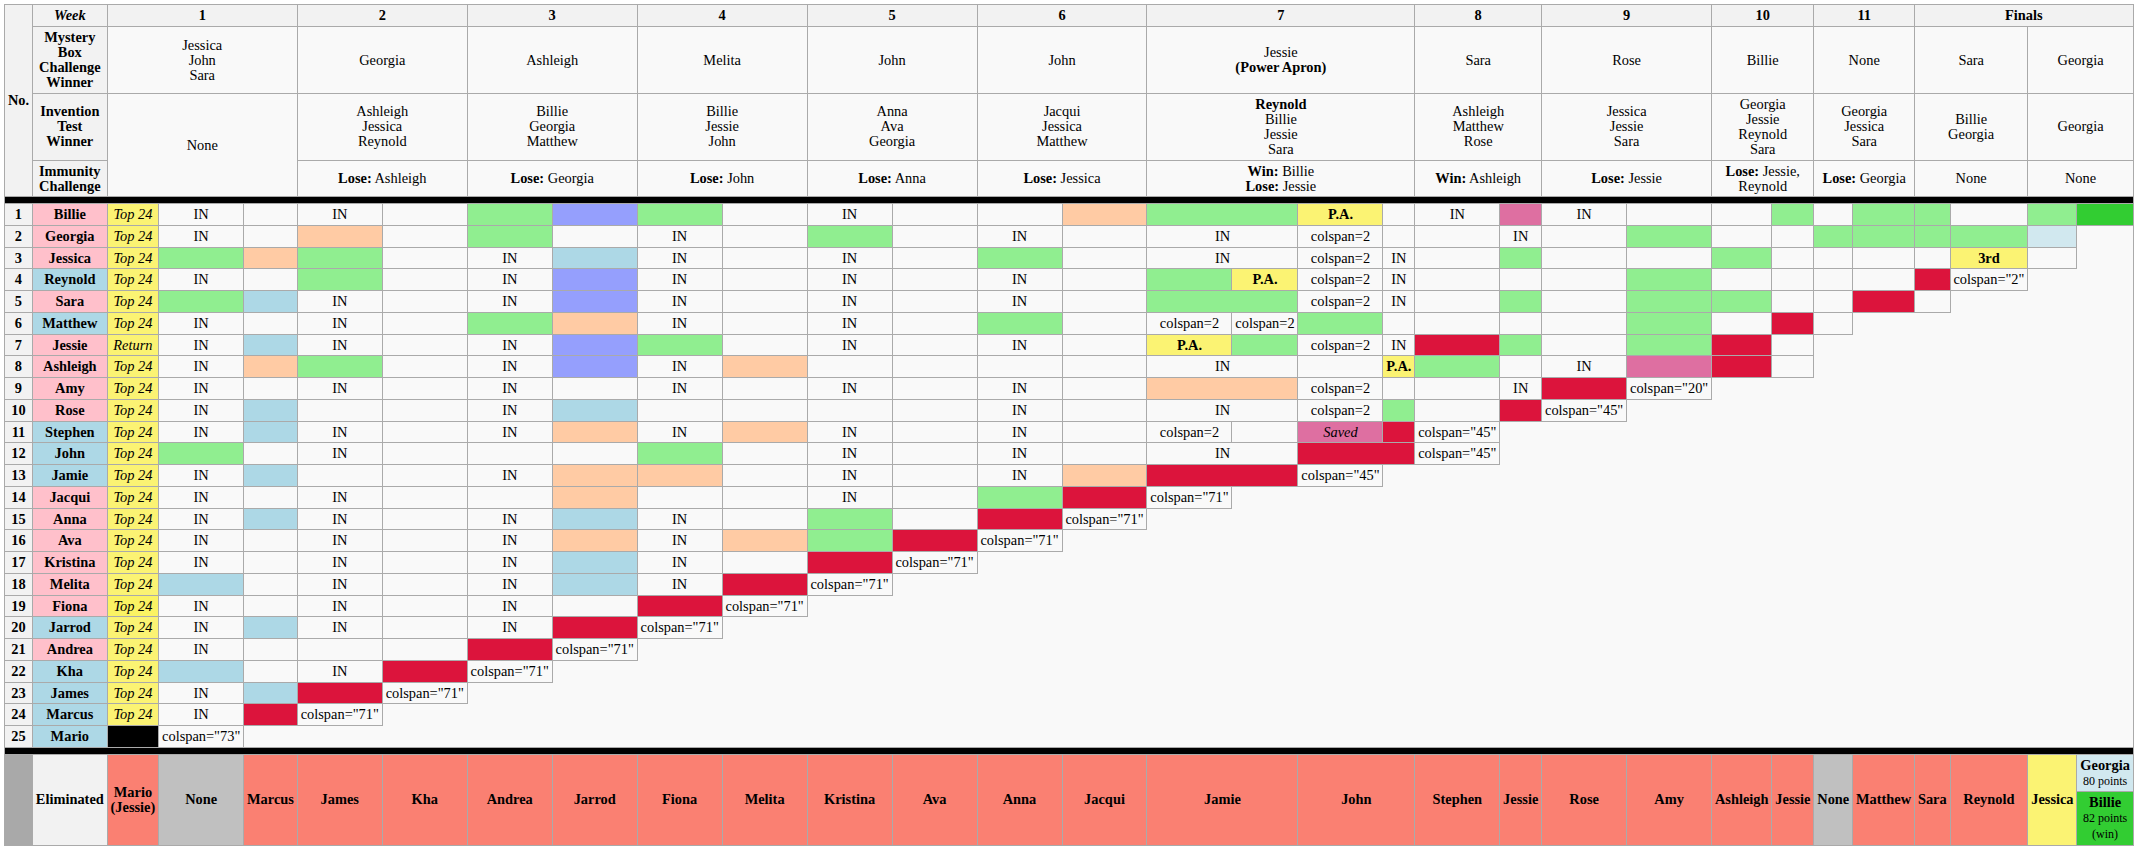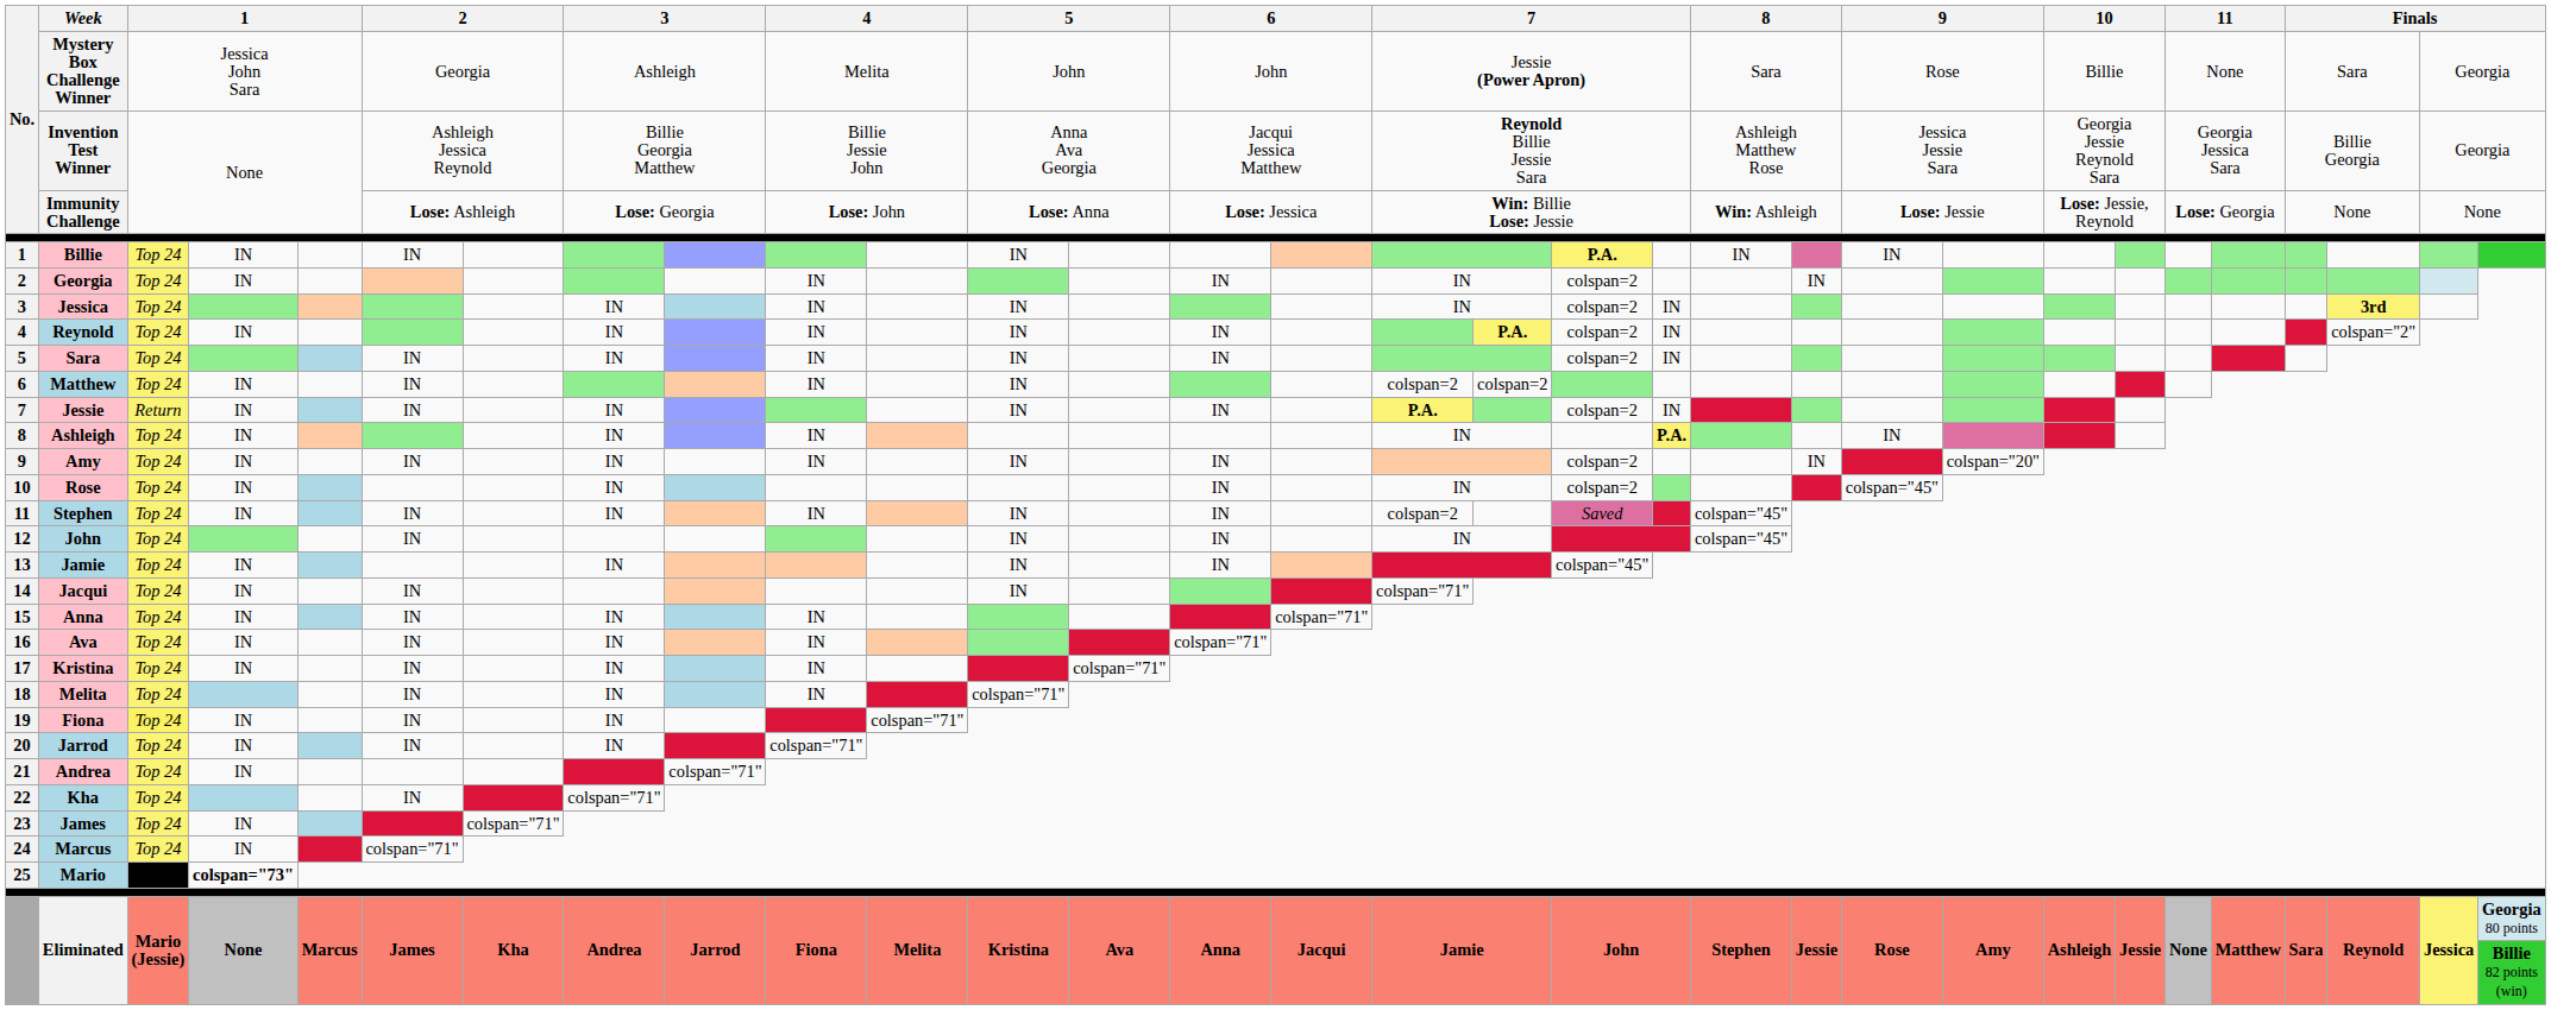 <table class="wikitable" style="text-align:center; width:80%; font-size:90%; line-height:15px">
 <tr>
 <th rowspan="4">No.</th>
 <th><em>Week</em></th>
 <th colspan=3>1</th>
 <th colspan=2>2</th>
 <th colspan=2>3</th>
 <th colspan=2>4</th>
 <th colspan=2>5</th>
 <th colspan=2>6</th>
 <th colspan=4>7</th>
 <th colspan=2>8</th>
 <th colspan=2>9</th>
 <th colspan=2>10</th>
 <th colspan=2>11</th>
 <th colspan="4">Finals</th>
 </tr>
 <tr>
 <th>Mystery<br>Box<br>Challenge<br>Winner</th>
 <td colspan=3>Jessica<br>John<br>Sara</td>
 <td colspan=2>Georgia</td>
 <td colspan=2>Ashleigh</td>
 <td colspan=2>Melita</td>
 <td colspan=2>John</td>
 <td colspan=2>John</td>
 <td colspan=4>Jessie<br><strong>(Power Apron)</strong></td>
 <td colspan=2>Sara</td>
 <td colspan=2>Rose</td>
 <td colspan=2>Billie</td>
 <td colspan="2">None</td>
 <td colspan=2>Sara</td>
 <td colspan="2">Georgia</td>
 </tr>
 <tr>
 <th>Invention<br>Test<br>Winner</th>
 <td rowspan="2" colspan="3">None</td>
 <td colspan=2>Ashleigh<br>Jessica<br>Reynold</td>
 <td colspan=2>Billie<br>Georgia<br>Matthew</td>
 <td colspan=2>Billie<br>Jessie<br>John</td>
 <td colspan=2>Anna<br>Ava<br>Georgia</td>
 <td colspan=2>Jacqui<br>Jessica<br>Matthew</td>
 <td colspan=4><strong>Reynold</strong><br>Billie<br>Jessie<br>Sara</td>
 <td colspan=2>Ashleigh<br>Matthew<br>Rose</td>
 <td colspan=2>Jessica<br>Jessie<br>Sara</td>
 <td colspan=2>Georgia<br>Jessie<br>Reynold<br>Sara</td>
 <td colspan="2">Georgia<br>Jessica<br>Sara</td>
 <td colspan=2>Billie <br> Georgia</td>
 <td colspan="2">Georgia</td>
 </tr>
 <tr>
 <th>Immunity<br>Challenge</th>
 <td colspan=2><strong>Lose:</strong> Ashleigh</td>
 <td colspan=2><strong>Lose:</strong> Georgia</td>
 <td colspan=2><strong>Lose:</strong> John</td>
 <td colspan=2><strong>Lose:</strong> Anna</td>
 <td colspan=2><strong>Lose:</strong> Jessica</td>
 <td colspan=4><strong>Win:</strong> Billie <br> <strong>Lose:</strong> Jessie</td>
 <td colspan=2><strong>Win:</strong> Ashleigh</td>
 <td colspan=2><strong>Lose:</strong> Jessie</td>
 <td colspan=2><strong>Lose:</strong> Jessie, Reynold</td>
 <td colspan=2><strong>Lose:</strong> Georgia</td>
 <td colspan=2>None</td>
 <td colspan="2">None</td>
 </tr>
 <tr>
 <td colspan="31" style="background:black;"></td>
 </tr>
 <tr>
 <th>1</th>
 <th style="background:pink;">Billie</th>
 <td style="background:#fbf373;"><em>Top 24</em></td>
 <td>IN</td>
 <td></td>
 <td>IN</td>
 <td></td>
 <td style="background:lightgreen;"></td>
 <td style="background:#959ffd;"></td>
 <td style="background:lightgreen;"></td>
 <td></td>
 <td>IN</td>
 <td></td>
 <td></td>
 <td style="background:#FFCBA4;"></td>
 <td colspan="2" style="background:lightgreen;"></td>
 <td style="background:#fbf373;"><strong>P.A.</strong></td>
 <td></td>
 <td>IN</td>
 <td style="background:#de6fa1;"></td>
 <td>IN</td>
 <td></td>
 <td></td>
 <td style="background:lightgreen;"></td>
 <td></td>
 <td style="background:lightgreen;"></td>
 <td style="background:lightgreen;"></td>
 <td></td>
 <td style="background:lightgreen;"></td>
 <td style="background:limegreen;"></td>
 </tr>
 <tr>
 <th>2</th>
 <th style="background:pink;">Georgia</th>
 <td style="background:#fbf373;"><em>Top 24</em></td>
 <td>IN</td>
 <td></td>
 <td style="background:#FFCBA4;"></td>
 <td></td>
 <td style="background:lightgreen;"></td>
 <td></td>
 <td>IN</td>
 <td></td>
 <td style="background:lightgreen;"></td>
 <td></td>
 <td>IN</td>
 <td></td>
 <td colspan="2">IN</td>
 <td>colspan=2 </td>
 <td></td>
 <td></td>
 <td>IN</td>
 <td></td>
 <td style="background:lightgreen;"></td>
 <td></td>
 <td></td>
 <td style="background:lightgreen;"></td>
 <td style="background:lightgreen;"></td>
 <td style="background:lightgreen;"></td>
 <td style="background:lightgreen;"></td>
 <td style="background:#d1e8ef;"></td>
 </tr>
 <tr>
 <th>3</th>
 <th style="background:pink;">Jessica</th>
 <td style="background:#fbf373;"><em>Top 24</em></td>
 <td style="background:lightgreen;"></td>
 <td style="background:#FFCBA4;"></td>
 <td style="background:lightgreen;"></td>
 <td></td>
 <td>IN</td>
 <td style="background:lightblue;"></td>
 <td>IN</td>
 <td></td>
 <td>IN</td>
 <td></td>
 <td style="background:lightgreen;"></td>
 <td></td>
 <td colspan="2">IN</td>
 <td>colspan=2 </td>
 <td>IN</td>
 <td></td>
 <td style="background:lightgreen;"></td>
 <td></td>
 <td></td>
 <td style="background:lightgreen;"></td>
 <td></td>
 <td></td>
 <td></td>
 <td></td>
 <td style="background:#fbf373;"><strong>3rd</strong></td>
 <td></td>
 </tr>
 <tr>
 <th>4</th>
 <th style="background:lightblue;">Reynold</th>
 <td style="background:#fbf373;"><em>Top 24</em></td>
 <td>IN</td>
 <td></td>
 <td style="background:lightgreen;"></td>
 <td></td>
 <td>IN</td>
 <td style="background:#959ffd;"></td>
 <td>IN</td>
 <td></td>
 <td>IN</td>
 <td></td>
 <td>IN</td>
 <td></td>
 <td style="background:lightgreen;"></td>
 <td style="background:#fbf373;"><strong>P.A.</strong></td>
 <td>colspan=2 </td>
 <td>IN</td>
 <td></td>
 <td></td>
 <td></td>
 <td style="background:lightgreen;"></td>
 <td></td>
 <td></td>
 <td></td>
 <td></td>
 <td style="background:crimson;"></td>
 <td>colspan="2" </td>
 </tr>
 <tr>
 <th>5</th>
 <th style="background:pink;">Sara</th>
 <td style="background:#fbf373;"><em>Top 24</em></td>
 <td style="background:lightgreen;"></td>
 <td style="background:lightblue;"></td>
 <td>IN</td>
 <td></td>
 <td>IN</td>
 <td style="background:#959ffd;"></td>
 <td>IN</td>
 <td></td>
 <td>IN</td>
 <td></td>
 <td>IN</td>
 <td></td>
 <td colspan="2" style="background:lightgreen;"></td>
 <td>colspan=2 </td>
 <td>IN</td>
 <td></td>
 <td style="background:lightgreen;"></td>
 <td></td>
 <td style="background:lightgreen;"></td>
 <td style="background:lightgreen;"></td>
 <td></td>
 <td></td>
 <td style="background:crimson;"></td>
 <td></td>
 </tr>
 <tr>
 <th>6</th>
 <th style="background:lightblue;">Matthew</th>
 <td style="background:#fbf373;"><em>Top 24</em></td>
 <td>IN</td>
 <td></td>
 <td>IN</td>
 <td></td>
 <td style="background:lightgreen;"></td>
 <td style="background:#FFCBA4;"></td>
 <td>IN</td>
 <td></td>
 <td>IN</td>
 <td></td>
 <td style="background:lightgreen;"></td>
 <td></td>
 <td>colspan=2 </td>
 <td>colspan=2 </td>
 <td style="background:lightgreen;"></td>
 <td></td>
 <td></td>
 <td></td>
 <td></td>
 <td style="background:lightgreen;"></td>
 <td></td>
 <td style="background:crimson;"></td>
 <td></td>
 </tr>
 <tr>
 <th>7</th>
 <th style="background:pink;">Jessie</th>
 <td style="background:#fbf373;"><em>Return</em></td>
 <td>IN</td>
 <td style="background:lightblue;"></td>
 <td>IN</td>
 <td></td>
 <td>IN</td>
 <td style="background:#959ffd;"></td>
 <td style="background:lightgreen;"></td>
 <td></td>
 <td>IN</td>
 <td></td>
 <td>IN</td>
 <td></td>
 <td style="background:#fbf373;"><strong>P.A.</strong></td>
 <td style="background:lightgreen;"></td>
 <td>colspan=2 </td>
 <td>IN</td>
 <td style="background:crimson;"></td>
 <td style="background:lightgreen;"></td>
 <td></td>
 <td style="background:lightgreen;"></td>
 <td style="background:crimson;"></td>
 <td></td>
 </tr>
 <tr>
 <th>8</th>
 <th style="background:pink;">Ashleigh</th>
 <td style="background:#fbf373;"><em>Top 24</em></td>
 <td>IN</td>
 <td style="background:#FFCBA4;"></td>
 <td style="background:lightgreen;"></td>
 <td></td>
 <td>IN</td>
 <td style="background:#959ffd;"></td>
 <td>IN</td>
 <td style="background:#FFCBA4;"></td>
 <td></td>
 <td></td>
 <td></td>
 <td></td>
 <td colspan="2">IN</td>
 <td></td>
 <td style="background:#fbf373;"><strong>P.A.</strong></td>
 <td style="background:lightgreen;"></td>
 <td></td>
 <td>IN</td>
 <td style="background:#de6fa1;"></td>
 <td style="background:crimson;"></td>
 <td></td>
 </tr>
 <tr>
 <th>9</th>
 <th style="background:pink;">Amy</th>
 <td style="background:#fbf373;" nowrap><em>Top 24</em></td>
 <td>IN</td>
 <td></td>
 <td>IN</td>
 <td></td>
 <td>IN</td>
 <td></td>
 <td>IN</td>
 <td></td>
 <td>IN</td>
 <td></td>
 <td>IN</td>
 <td></td>
 <td colspan="2" style="background:#FFCBA4;"></td>
 <td>colspan=2 </td>
 <td></td>
 <td></td>
 <td>IN</td>
 <td style="background:crimson;"></td>
 <td>colspan="20" </td>
 </tr>
 <tr>
 <th>10</th>
 <th style="background:pink;">Rose</th>
 <td style="background:#fbf373;"><em>Top 24</em></td>
 <td>IN</td>
 <td style="background:lightblue;"></td>
 <td></td>
 <td></td>
 <td>IN</td>
 <td style="background:lightblue;"></td>
 <td></td>
 <td></td>
 <td></td>
 <td></td>
 <td>IN</td>
 <td></td>
 <td colspan="2">IN</td>
 <td>colspan=2 </td>
 <td style="background:lightgreen;"></td>
 <td></td>
 <td style="background:crimson;"></td>
 <td>colspan="45" </td>
 </tr>
 <tr>
 <th>11</th>
 <th style="background:lightblue;">Stephen</th>
 <td style="background:#fbf373;"><em>Top 24</em></td>
 <td>IN</td>
 <td style="background:lightblue;"></td>
 <td>IN</td>
 <td></td>
 <td>IN</td>
 <td style="background:#FFCBA4;"></td>
 <td>IN</td>
 <td style="background:#FFCBA4;"></td>
 <td>IN</td>
 <td></td>
 <td>IN</td>
 <td></td>
 <td>colspan=2 </td>
 <td></td>
 <td style="background:#de6fa1;"><em>Saved</em></td>
 <td style="background:crimson;"></td>
 <td>colspan="45" </td>
 </tr>
 <tr>
 <th>12</th>
 <th style="background:lightblue;">John</th>
 <td style="background:#fbf373;"><em>Top 24</em></td>
 <td style="background:lightgreen;"></td>
 <td></td>
 <td>IN</td>
 <td></td>
 <td></td>
 <td></td>
 <td style="background:lightgreen;"></td>
 <td></td>
 <td>IN</td>
 <td></td>
 <td>IN</td>
 <td></td>
 <td colspan="2">IN</td>
 <td colspan="2" style="background:crimson;"></td>
 <td>colspan="45" </td>
 </tr>
 <tr>
 <th>13</th>
 <th style="background:lightblue;">Jamie</th>
 <td style="background:#fbf373;"><em>Top 24</em></td>
 <td>IN</td>
 <td style="background:lightblue;"></td>
 <td></td>
 <td></td>
 <td>IN</td>
 <td style="background:#FFCBA4;"></td>
 <td style="background:#FFCBA4;"></td>
 <td></td>
 <td>IN</td>
 <td></td>
 <td>IN</td>
 <td style="background:#FFCBA4;"></td>
 <td colspan="2" style="background:crimson;"></td>
 <td>colspan="45" </td>
 </tr>
 <tr>
 <th>14</th>
 <th style="background:pink;">Jacqui</th>
 <td style="background:#fbf373;"><em>Top 24</em></td>
 <td>IN</td>
 <td></td>
 <td>IN</td>
 <td></td>
 <td></td>
 <td style="background:#FFCBA4;"></td>
 <td></td>
 <td></td>
 <td>IN</td>
 <td></td>
 <td style="background:lightgreen;"></td>
 <td style="background:crimson;"></td>
 <td>colspan="71" </td>
 </tr>
 <tr>
 <th>15</th>
 <th style="background:pink;">Anna</th>
 <td style="background:#fbf373;"><em>Top 24</em></td>
 <td>IN</td>
 <td style="background:lightblue;"></td>
 <td>IN</td>
 <td></td>
 <td>IN</td>
 <td style="background:lightblue;"></td>
 <td>IN</td>
 <td></td>
 <td style="background:lightgreen;"></td>
 <td></td>
 <td style="background:crimson;"></td>
 <td>colspan="71" </td>
 </tr>
 <tr>
 <th>16</th>
 <th style="background:pink;">Ava</th>
 <td style="background:#fbf373;"><em>Top 24</em></td>
 <td>IN</td>
 <td></td>
 <td>IN</td>
 <td></td>
 <td>IN</td>
 <td style="background:#FFCBA4;"></td>
 <td>IN</td>
 <td style="background:#FFCBA4;"></td>
 <td style="background:lightgreen;"></td>
 <td style="background:crimson;"></td>
 <td>colspan="71" </td>
 </tr>
 <tr>
 <th>17</th>
 <th style="background:pink;">Kristina</th>
 <td style="background:#fbf373;"><em>Top 24</em></td>
 <td>IN</td>
 <td></td>
 <td>IN</td>
 <td></td>
 <td>IN</td>
 <td style="background:lightblue;"></td>
 <td>IN</td>
 <td></td>
 <td style="background:crimson;"></td>
 <td>colspan="71" </td>
 </tr>
 <tr>
 <th>18</th>
 <th style="background:pink;">Melita</th>
 <td style="background:#fbf373;"><em>Top 24</em></td>
 <td style="background:lightblue;"></td>
 <td></td>
 <td>IN</td>
 <td></td>
 <td>IN</td>
 <td style="background:lightblue;"></td>
 <td>IN</td>
 <td style="background:crimson;"></td>
 <td>colspan="71" </td>
 </tr>
 <tr>
 <th>19</th>
 <th style="background:pink;">Fiona</th>
 <td style="background:#fbf363;"><em>Top 24</em></td>
 <td>IN</td>
 <td></td>
 <td>IN</td>
 <td></td>
 <td>IN</td>
 <td></td>
 <td style="background:crimson;"></td>
 <td>colspan="71" </td>
 </tr>
 <tr>
 <th>20</th>
 <th style="background:lightblue;">Jarrod</th>
 <td style="background:#fbf373;"><em>Top 24</em></td>
 <td>IN</td>
 <td style="background:lightblue;"></td>
 <td>IN</td>
 <td></td>
 <td>IN</td>
 <td style="background:crimson;"></td>
 <td>colspan="71" </td>
 </tr>
 <tr>
 <th>21</th>
 <th style="background:pink;">Andrea</th>
 <td style="background:#fbf373;"><em>Top 24</em></td>
 <td>IN</td>
 <td></td>
 <td></td>
 <td></td>
 <td style="background:crimson;"></td>
 <td>colspan="71" </td>
 </tr>
 <tr>
 <th>22</th>
 <th style="background:lightblue;">Kha</th>
 <td style="background:#fbf373;"><em>Top 24</em></td>
 <td style="background:lightblue;"></td>
 <td></td>
 <td>IN</td>
 <td style="background:crimson;"></td>
 <td>colspan="71" </td>
 </tr>
 <tr>
 <th>23</th>
 <th style="background:lightblue;">James</th>
 <td style="background:#fbf373;"><em>Top 24</em></td>
 <td>IN</td>
 <td style="background:lightblue;"></td>
 <td style="background:crimson;"></td>
 <td>colspan="71" </td>
 </tr>
 <tr>
 <th>24</th>
 <th style="background:lightblue;">Marcus</th>
 <td style="background:#fbf373;"><em>Top 24</em></td>
 <td>IN</td>
 <td style="background:crimson;"></td>
 <td>colspan="71" </td>
 </tr>
 <tr>
 <th>25</th>
 <th style="background:lightblue;">Mario</th>
 <td style="background:black; color:white"></td>
-<td>colspan="73" </td>
+<td><strong>colspan="73" </strong></td>
 </tr>
 <tr>
 <td colspan="33" style="background:black;"></td>
 </tr>
 <tr>
 <td rowspan="2" colspan="1" style="background:darkgray;"></td>
 <th rowspan="2">Eliminated</th>
 <td rowspan="2" style="background:salmon;"><strong>Mario</strong><br><strong>(Jessie)</strong></td>
 <td rowspan="2" style="background:silver;"><strong>None</strong></td>
 <td rowspan="2" style="background:salmon;"><strong>Marcus</strong></td>
 <td rowspan="2" style="background:salmon;"><strong>James</strong></td>
 <td rowspan="2" style="background:salmon;"><strong>Kha</strong></td>
 <td rowspan="2" style="background:salmon;"><strong>Andrea</strong></td>
 <td rowspan="2" style="background:salmon;"><strong>Jarrod</strong></td>
 <td rowspan="2" style="background:salmon;"><strong>Fiona</strong></td>
 <td rowspan="2" style="background:salmon;"><strong>Melita</strong></td>
 <td rowspan="2" style="background:salmon;"><strong>Kristina</strong></td>
 <td rowspan="2" style="background:salmon;"><strong>Ava</strong></td>
 <td rowspan="2" style="background:salmon;"><strong>Anna</strong></td>
 <td rowspan="2" style="background:salmon;"><strong>Jacqui</strong></td>
 <td rowspan="2" colspan="2" style="background:salmon;"><strong>Jamie</strong></td>
 <td rowspan="2" colspan="2" style="background:salmon;"><strong>John</strong></td>
 <td rowspan="2" style="background:salmon;"><strong>Stephen</strong></td>
 <td rowspan="2" style="background:salmon;"><strong>Jessie</strong><br></td>
 <td rowspan="2" style="background:salmon;"><strong>Rose</strong></td>
 <td rowspan="2" style="background:salmon;"><strong>Amy</strong></td>
 <td rowspan="2" style="background:salmon;"><strong>Ashleigh</strong></td>
 <td rowspan="2" style="background:salmon;"><strong>Jessie</strong><br></td>
 <td rowspan="2" style="background:silver;"><strong>None</strong></td>
 <td rowspan="2" style="background:salmon;"><strong>Matthew</strong></td>
 <td rowspan="2" style="background:salmon;"><strong>Sara</strong></td>
 <td rowspan="2" style="background:salmon;"><strong>Reynold</strong></td>
 <td rowspan="2" style="background:#fbf373;"><strong>Jessica</strong></td>
 <td style="background:#d1e8ef;"><strong>Georgia</strong><br><small>80 points</small></td>
 </tr>
 <tr>
 <td style="background:limegreen;"><strong>Billie</strong><br><small>82 points (win) </small></td>
 </tr>
 </table>
